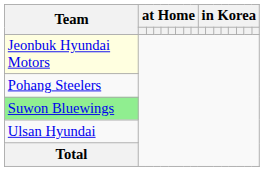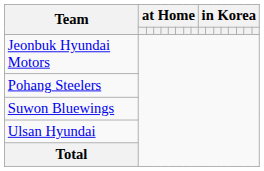 <table class="wikitable plainrowheaders sortable">
 <tr>
 <th width=140px rowspan=2>Team</th>
 <th colspan=8>at Home</th>
 <th colspan=8>in Korea</th>
 </tr>
 <tr>
 <th></th>
 <th></th>
 <th></th>
 <th></th>
 <th></th>
 <th></th>
 <th></th>
 <th></th>
 <th></th>
 <th></th>
 <th></th>
 <th></th>
 <th></th>
 <th></th>
 <th></th>
 <th></th>
 </tr>
 <tr>
-<td style="background: lightyellow;"><a href='#'>Jeonbuk Hyundai Motors</a><br> </td>
+<td><a href='#'>Jeonbuk Hyundai Motors</a><br> </td>
 </tr>
 <tr>
 <td><a href='#'>Pohang Steelers</a><br> </td>
 </tr>
 <tr>
-<td style="background: lightgreen;"><a href='#'>Suwon Bluewings</a><br> </td>
+<td><a href='#'>Suwon Bluewings</a><br> </td>
 </tr>
 <tr>
 <td><a href='#'>Ulsan Hyundai</a><br> </td>
 </tr>
 <tr class="sortbottom">
 <th>Total<br> </th>
 </tr>
 </table>
